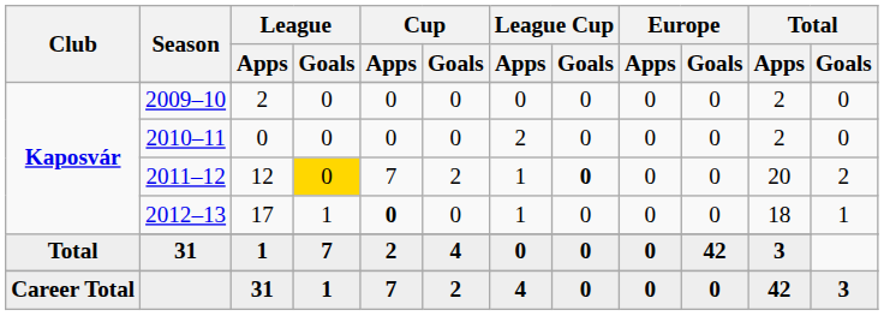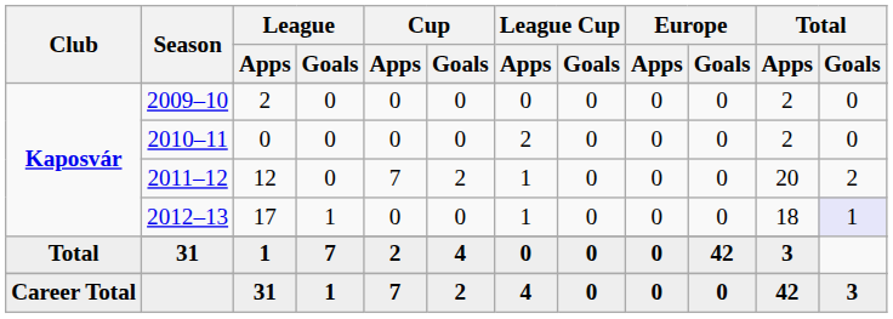 <table class="wikitable" style="font-size:90%; text-align: center;">
 <tr>
 <th rowspan="2">Club</th>
 <th rowspan="2">Season</th>
 <th colspan="2">League</th>
 <th colspan="2">Cup</th>
 <th colspan="2">League Cup</th>
 <th colspan="2">Europe</th>
 <th colspan="2">Total</th>
 </tr>
 <tr>
 <th>Apps</th>
 <th>Goals</th>
 <th>Apps</th>
 <th>Goals</th>
 <th>Apps</th>
 <th>Goals</th>
 <th>Apps</th>
 <th>Goals</th>
 <th>Apps</th>
 <th>Goals</th>
 </tr>
 <tr ||-||-||-|->
 <td rowspan="6" valign="center"><strong><a href='#'>Kaposvár</a></strong></td>
 </tr>
 <tr>
 <td><a href='#'>2009–10</a></td>
 <td>2</td>
 <td>0</td>
 <td>0</td>
 <td>0</td>
 <td>0</td>
 <td>0</td>
 <td>0</td>
 <td>0</td>
 <td>2</td>
 <td>0</td>
 </tr>
 <tr>
 <td><a href='#'>2010–11</a></td>
 <td>0</td>
 <td>0</td>
 <td>0</td>
 <td>0</td>
 <td>2</td>
 <td>0</td>
 <td>0</td>
 <td>0</td>
 <td>2</td>
 <td>0</td>
 </tr>
 <tr>
 <td><a href='#'>2011–12</a></td>
 <td>12</td>
-<td style="background: gold;">0</td>
+<td>0</td>
 <td>7</td>
 <td>2</td>
 <td>1</td>
-<td><strong>0</strong></td>
+<td>0</td>
 <td>0</td>
 <td>0</td>
 <td>20</td>
 <td>2</td>
 </tr>
 <tr>
 <td><a href='#'>2012–13</a></td>
 <td>17</td>
 <td>1</td>
-<td><strong>0</strong></td>
+<td>0</td>
 <td>0</td>
 <td>1</td>
 <td>0</td>
 <td>0</td>
 <td>0</td>
 <td>18</td>
-<td>1</td>
+<td style="background: lavender;">1</td>
 </tr>
 <tr>
 </tr>
 <tr style="font-weight:bold; background-color:#eeeeee;">
 <td>Total</td>
 <td>31</td>
 <td>1</td>
 <td>7</td>
 <td>2</td>
 <td>4</td>
 <td>0</td>
 <td>0</td>
 <td>0</td>
 <td>42</td>
 <td>3</td>
 </tr>
 <tr>
 </tr>
 <tr style="font-weight:bold; background-color:#eeeeee;">
 <td rowspan="2" valign="top"><strong>Career Total</strong></td>
 <td></td>
 <td><strong>31</strong></td>
 <td><strong>1</strong></td>
 <td><strong>7</strong></td>
 <td><strong>2</strong></td>
 <td><strong>4</strong></td>
 <td><strong>0</strong></td>
 <td><strong>0</strong></td>
 <td><strong>0</strong></td>
 <td><strong>42</strong></td>
 <td><strong>3</strong></td>
 </tr>
 </table>
